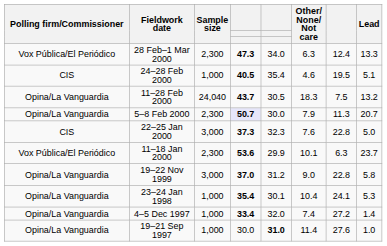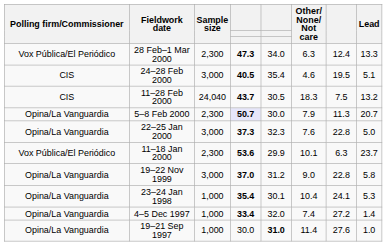 <table class="wikitable collapsible" style="text-align:center; font-size:90%; line-height:14px;">
 <tr style="height:42px; background-color:#E9E9E9">
 <th style="width:250px;" rowspan="3">Polling firm/Commissioner</th>
 <th style="width:125px;" rowspan="3">Fieldwork date</th>
 <th style="width:50px;" rowspan="3">Sample size</th>
 <th style="width:55px;"></th>
 <th style="width:55px;"></th>
 <th style="width:55px;" rowspan="3">Other/<br>None/<br>Not<br>care</th>
 <th style="width:55px;" rowspan="3"></th>
 <th style="width:30px;" rowspan="3">Lead</th>
 </tr>
 <tr>
 <th style="color:inherit;background:"></th>
 <th style="color:inherit;background:"></th>
 </tr>
 <tr>
 <th></th>
 <th></th>
 </tr>
 <tr>
 <td>Vox Pública/El Periódico</td>
 <td>28 Feb–1 Mar 2000</td>
 <td>2,300</td>
 <td><strong>47.3</strong></td>
 <td>34.0</td>
 <td>6.3</td>
 <td>12.4</td>
 <td style="background:">13.3</td>
 </tr>
 <tr>
 <td>CIS</td>
 <td>24–28 Feb 2000</td>
-<td>1,000</td>
+<td>3,000</td>
 <td><strong>40.5</strong></td>
 <td>35.4</td>
 <td>4.6</td>
 <td>19.5</td>
 <td style="background:">5.1</td>
 </tr>
 <tr>
-<td>Opina/La Vanguardia</td>
+<td>CIS</td>
 <td>11–28 Feb 2000</td>
 <td>24,040</td>
 <td><strong>43.7</strong></td>
 <td>30.5</td>
 <td>18.3</td>
 <td>7.5</td>
 <td style="background:">13.2</td>
 </tr>
 <tr>
 <td>Opina/La Vanguardia</td>
 <td>5–8 Feb 2000</td>
 <td>2,300</td>
 <td style="background: lavender;"><strong>50.7</strong></td>
 <td>30.0</td>
 <td>7.9</td>
 <td>11.3</td>
 <td style="background:">20.7</td>
 </tr>
 <tr>
-<td>CIS</td>
+<td>Opina/La Vanguardia</td>
 <td>22–25 Jan 2000</td>
 <td>3,000</td>
 <td><strong>37.3</strong></td>
 <td>32.3</td>
 <td>7.6</td>
 <td>22.8</td>
 <td style="background:">5.0</td>
 </tr>
 <tr>
 <td>Vox Pública/El Periódico</td>
 <td>11–18 Jan 2000</td>
 <td>2,300</td>
 <td><strong>53.6</strong></td>
 <td>29.9</td>
 <td>10.1</td>
 <td>6.3</td>
 <td style="background:">23.7</td>
 </tr>
 <tr>
 <td>Opina/La Vanguardia</td>
 <td>19–22 Nov 1999</td>
 <td>3,000</td>
 <td><strong>37.0</strong></td>
 <td>31.2</td>
 <td>9.0</td>
 <td>22.8</td>
 <td style="background:">5.8</td>
 </tr>
 <tr>
 <td>Opina/La Vanguardia</td>
 <td>23–24 Jan 1998</td>
 <td>1,000</td>
 <td><strong>35.4</strong></td>
 <td>30.1</td>
 <td>10.4</td>
 <td>24.1</td>
 <td style="background:">5.3</td>
 </tr>
 <tr>
 <td>Opina/La Vanguardia</td>
 <td>4–5 Dec 1997</td>
 <td>1,000</td>
 <td><strong>33.4</strong></td>
 <td>32.0</td>
 <td>7.4</td>
 <td>27.2</td>
 <td style="background:">1.4</td>
 </tr>
 <tr>
 <td>Opina/La Vanguardia</td>
 <td>19–21 Sep 1997</td>
 <td>1,000</td>
 <td>30.0</td>
 <td><strong>31.0</strong></td>
 <td>11.4</td>
 <td>27.6</td>
 <td style="background:">1.0</td>
 </tr>
 </table>
